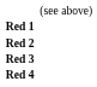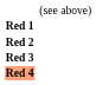 <table>
 <tr>
 <td></td>
 <td></td>
 <td>(see above)</td>
 </tr>
 <tr>
 <td><strong>Red 1</strong></td>
 <td></td>
 <td></td>
 </tr>
 <tr>
 <td><strong>Red 2</strong></td>
 <td></td>
 <td></td>
 </tr>
 <tr>
 <td><strong>Red 3</strong></td>
 <td></td>
 <td></td>
 </tr>
 <tr>
-<td><strong>Red 4</strong></td>
+<td style="background: lightsalmon;"><strong>Red 4</strong></td>
 <td></td>
 <td></td>
 </tr>
 </table>
